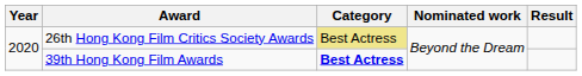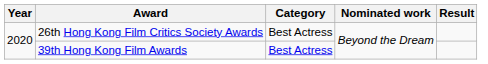 <table class="wikitable sortable">
 <tr>
 <th>Year</th>
 <th>Award</th>
 <th>Category</th>
 <th>Nominated work</th>
 <th>Result</th>
 </tr>
 <tr>
 <td rowspan=2>2020</td>
 <td>26th <a href='#'>Hong Kong Film Critics Society Awards</a></td>
-<td style="background: khaki;">Best Actress</td>
+<td>Best Actress</td>
 <td rowspan=2><em>Beyond the Dream</em></td>
 <td></td>
 </tr>
 <tr>
 <td><a href='#'>39th Hong Kong Film Awards</a></td>
-<td><strong><a href='#'>Best Actress</a></strong></td>
+<td><a href='#'>Best Actress</a></td>
 <td></td>
 </tr>
 </table>
